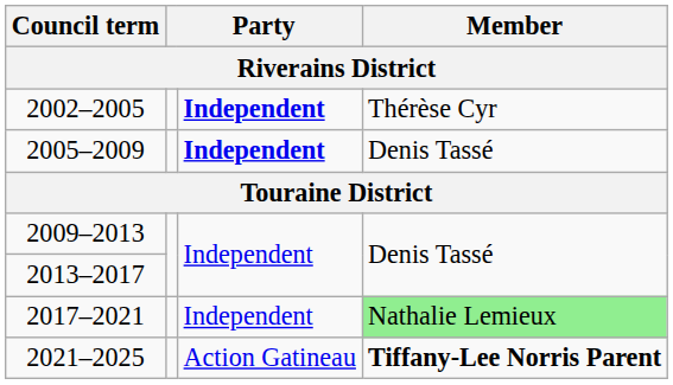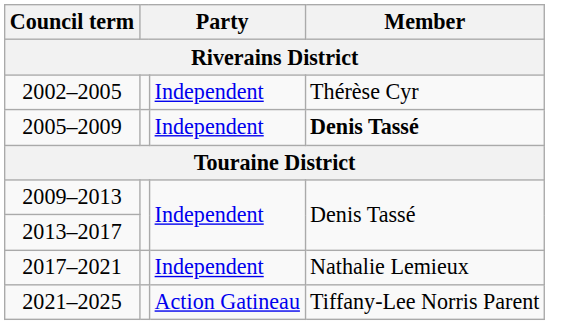 <table class="wikitable">
 <tr>
 <th>Council term</th>
 <th colspan="2">Party</th>
 <th>Member</th>
 </tr>
 <tr>
 <th colspan="4">Riverains District</th>
 </tr>
 <tr>
 <td align="center">2002–2005</td>
 <td style="color:inherit;background-color:"></td>
-<td><strong><a href='#'>Independent</a></strong></td>
+<td><a href='#'>Independent</a></td>
 <td>Thérèse Cyr</td>
 </tr>
 <tr>
 <td align="center">2005–2009</td>
 <td style="color:inherit;background-color:"></td>
-<td><strong><a href='#'>Independent</a></strong></td>
-<td>Denis Tassé</td>
+<td><a href='#'>Independent</a></td>
+<td><strong>Denis Tassé</strong></td>
 </tr>
 <tr>
 <th colspan="4">Touraine District</th>
 </tr>
 <tr>
 <td align="center">2009–2013</td>
 <td rowspan="2" style="color:inherit;background-color:"></td>
 <td rowspan="2"><a href='#'>Independent</a></td>
 <td rowspan="2">Denis Tassé</td>
 </tr>
 <tr>
 <td align="center">2013–2017</td>
 </tr>
 <tr>
 <td align="center">2017–2021</td>
 <td style="color:inherit;background-color:"></td>
 <td><a href='#'>Independent</a></td>
-<td style="background: lightgreen;">Nathalie Lemieux</td>
+<td>Nathalie Lemieux</td>
 </tr>
 <tr>
 <td align="center">2021–2025</td>
 <td style="color:inherit;background-color:"></td>
 <td><a href='#'>Action Gatineau</a></td>
-<td><strong>Tiffany-Lee Norris Parent</strong></td>
+<td>Tiffany-Lee Norris Parent</td>
 </tr>
 </table>
